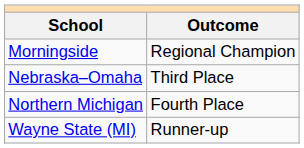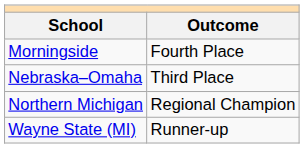 <table class="wikitable" style="float:left; margin-right:1em;">
 <tr>
 <th colspan="3" style="background:#ffdead;"></th>
 </tr>
 <tr>
 <th>School</th>
 <th>Outcome</th>
 </tr>
 <tr>
 <td><a href='#'>Morningside</a></td>
-<td>Regional Champion</td>
+<td>Fourth Place</td>
 </tr>
 <tr>
 <td><a href='#'>Nebraska–Omaha</a></td>
 <td>Third Place</td>
 </tr>
 <tr>
 <td><a href='#'>Northern Michigan</a></td>
-<td>Fourth Place</td>
+<td>Regional Champion</td>
 </tr>
 <tr>
 <td><a href='#'>Wayne State (MI)</a></td>
 <td>Runner-up</td>
 </tr>
 </table>
